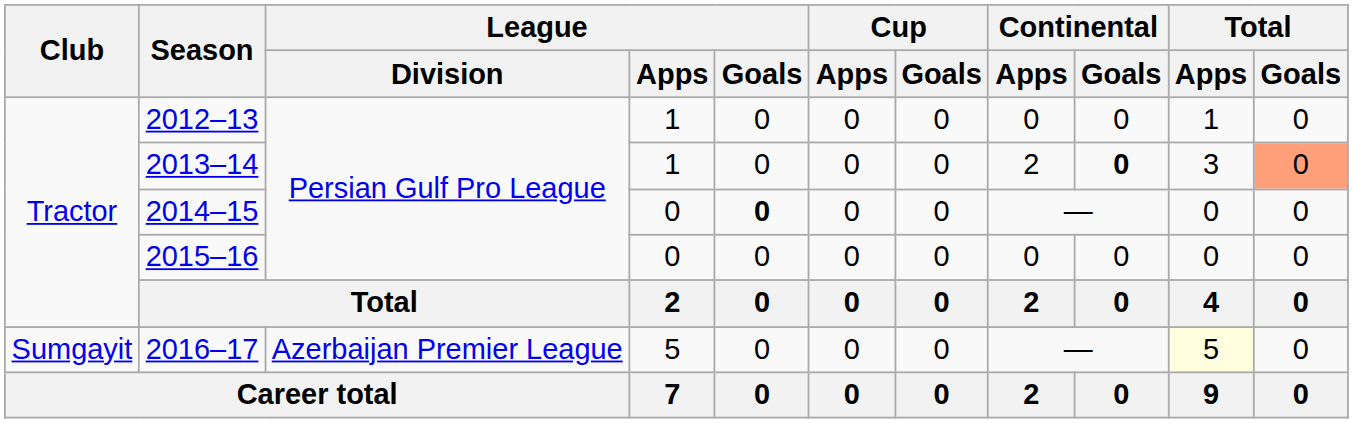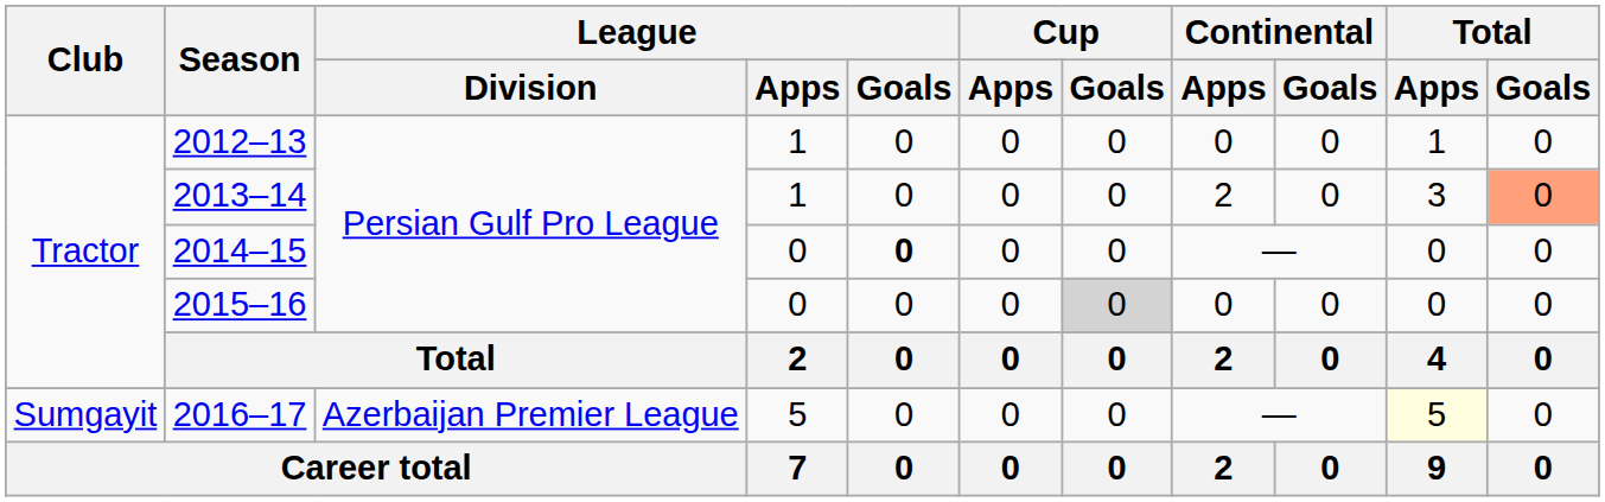 <table class="wikitable" style="text-align: center;">
 <tr>
 <th rowspan="2">Club</th>
 <th rowspan="2">Season</th>
 <th colspan="3">League</th>
 <th colspan="2">Cup</th>
 <th colspan="2">Continental</th>
 <th colspan="2">Total</th>
 </tr>
 <tr>
 <th>Division</th>
 <th>Apps</th>
 <th>Goals</th>
 <th>Apps</th>
 <th>Goals</th>
 <th>Apps</th>
 <th>Goals</th>
 <th>Apps</th>
 <th>Goals</th>
 </tr>
 <tr>
 <td rowspan="5" valign="center"><a href='#'>Tractor</a></td>
 <td><a href='#'>2012–13</a></td>
 <td rowspan="4" valign="center"><a href='#'>Persian Gulf Pro League</a></td>
 <td>1</td>
 <td>0</td>
 <td>0</td>
 <td>0</td>
 <td>0</td>
 <td>0</td>
 <td>1</td>
 <td>0</td>
 </tr>
 <tr>
 <td><a href='#'>2013–14</a></td>
 <td>1</td>
 <td>0</td>
 <td>0</td>
 <td>0</td>
 <td>2</td>
-<td><strong>0</strong></td>
+<td>0</td>
 <td>3</td>
 <td style="background: lightsalmon;">0</td>
 </tr>
 <tr>
 <td><a href='#'>2014–15</a></td>
 <td>0</td>
 <td><strong>0</strong></td>
 <td>0</td>
 <td>0</td>
 <td colspan="2">—</td>
 <td>0</td>
 <td>0</td>
 </tr>
 <tr>
 <td><a href='#'>2015–16</a></td>
 <td>0</td>
 <td>0</td>
 <td>0</td>
-<td>0</td>
+<td style="background: lightgrey;">0</td>
 <td>0</td>
 <td>0</td>
 <td>0</td>
 <td>0</td>
 </tr>
 <tr>
 <th colspan="2">Total</th>
 <th>2</th>
 <th>0</th>
 <th>0</th>
 <th>0</th>
 <th>2</th>
 <th>0</th>
 <th>4</th>
 <th>0</th>
 </tr>
 <tr>
 <td valign="center"><a href='#'>Sumgayit</a></td>
 <td><a href='#'>2016–17</a></td>
 <td><a href='#'>Azerbaijan Premier League</a></td>
 <td>5</td>
 <td>0</td>
 <td>0</td>
 <td>0</td>
 <td colspan="2">—</td>
 <td style="background: lightyellow;">5</td>
 <td>0</td>
 </tr>
 <tr>
 <th colspan="3">Career total</th>
 <th>7</th>
 <th>0</th>
 <th>0</th>
 <th>0</th>
 <th>2</th>
 <th>0</th>
 <th>9</th>
 <th>0</th>
 </tr>
 </table>
